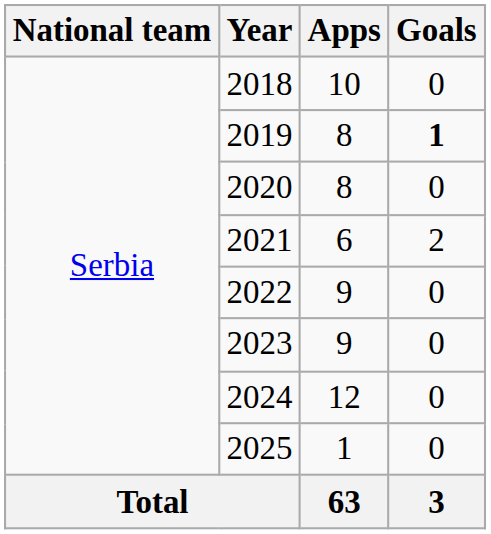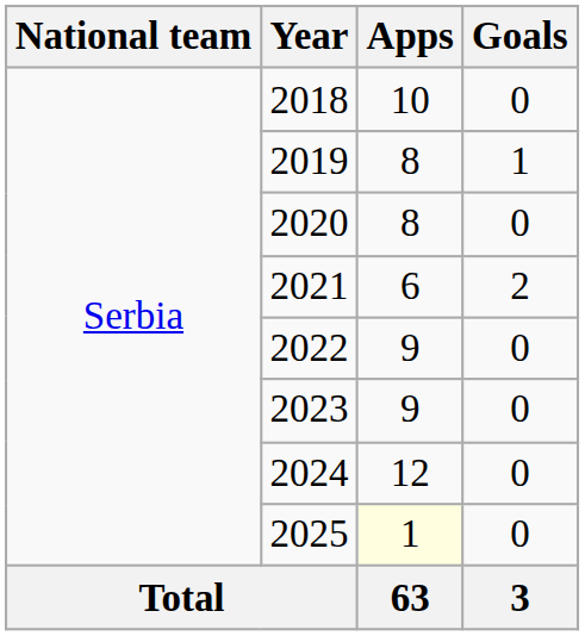 <table class="wikitable" style="text-align:center">
 <tr>
 <th>National team</th>
 <th>Year</th>
 <th>Apps</th>
 <th>Goals</th>
 </tr>
 <tr>
 <td rowspan="8"><a href='#'>Serbia</a></td>
 <td>2018</td>
 <td>10</td>
 <td>0</td>
 </tr>
 <tr>
 <td>2019</td>
 <td>8</td>
-<td><strong>1</strong></td>
+<td>1</td>
 </tr>
 <tr>
 <td>2020</td>
 <td>8</td>
 <td>0</td>
 </tr>
 <tr>
 <td>2021</td>
 <td>6</td>
 <td>2</td>
 </tr>
 <tr>
 <td>2022</td>
 <td>9</td>
 <td>0</td>
 </tr>
 <tr>
 <td>2023</td>
 <td>9</td>
 <td>0</td>
 </tr>
 <tr>
 <td>2024</td>
 <td>12</td>
 <td>0</td>
 </tr>
 <tr>
 <td>2025</td>
-<td>1</td>
+<td style="background: lightyellow;">1</td>
 <td>0</td>
 </tr>
 <tr>
 <th colspan="2">Total</th>
 <th>63</th>
 <th>3</th>
 </tr>
 </table>
